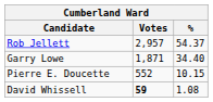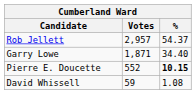 <table class="wikitable">
 <tr>
 <th colspan="3">Cumberland Ward</th>
 </tr>
 <tr>
 <th style="width: 170px">Candidate</th>
 <th style="width: 50px">Votes</th>
 <th style="width: 40px">%</th>
 </tr>
 <tr>
 <td><a href='#'>Rob Jellett</a></td>
 <td>2,957</td>
 <td>54.37</td>
 </tr>
 <tr>
 <td>Garry Lowe</td>
 <td>1,871</td>
 <td>34.40</td>
 </tr>
 <tr>
 <td>Pierre E. Doucette</td>
 <td>552</td>
-<td>10.15</td>
+<td><strong>10.15</strong></td>
 </tr>
 <tr>
 <td>David Whissell</td>
-<td><strong>59</strong></td>
+<td>59</td>
 <td>1.08</td>
 </tr>
 </table>
